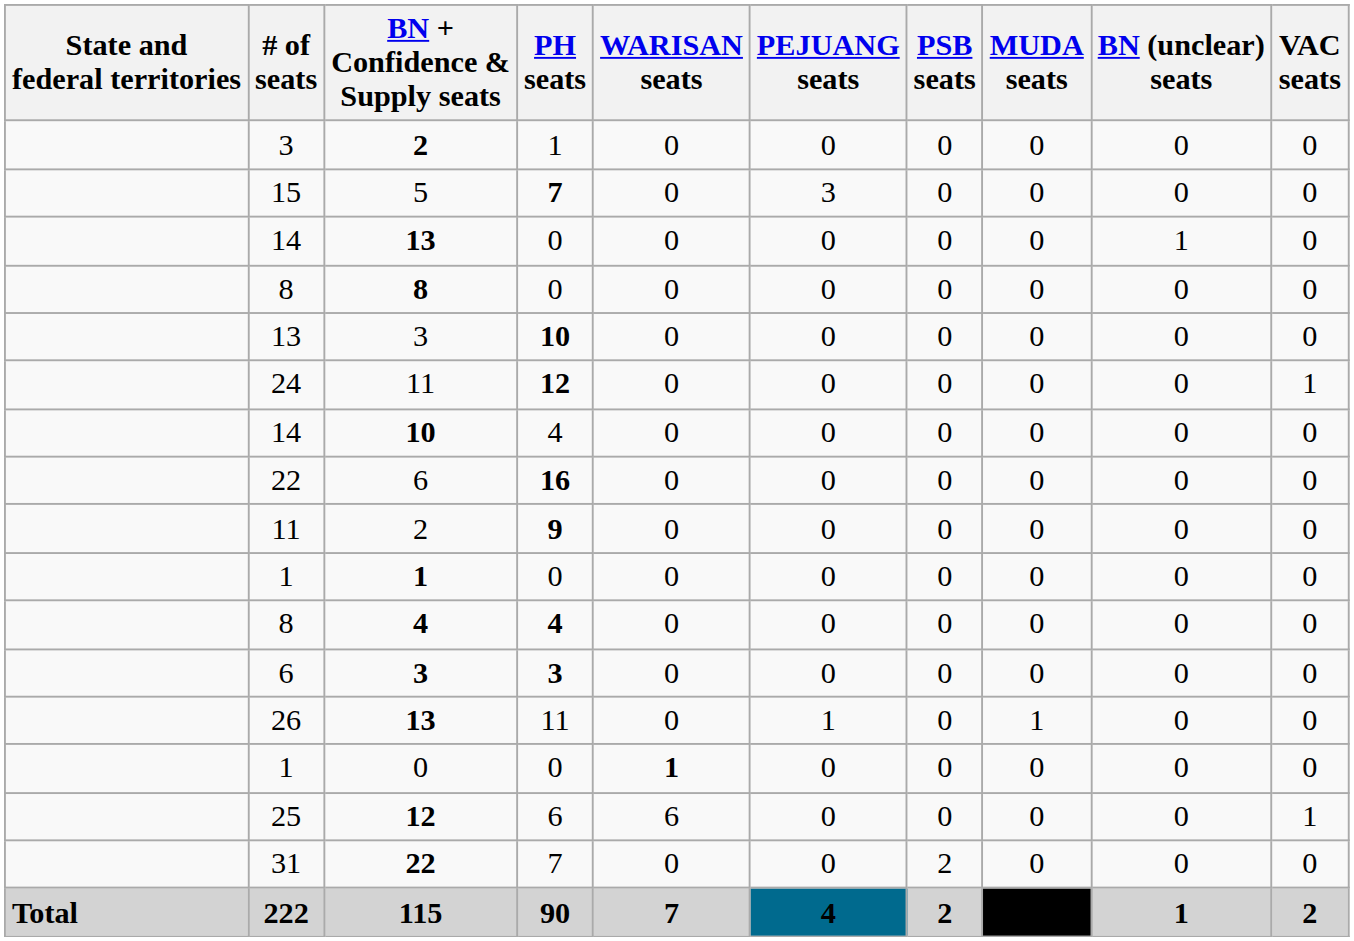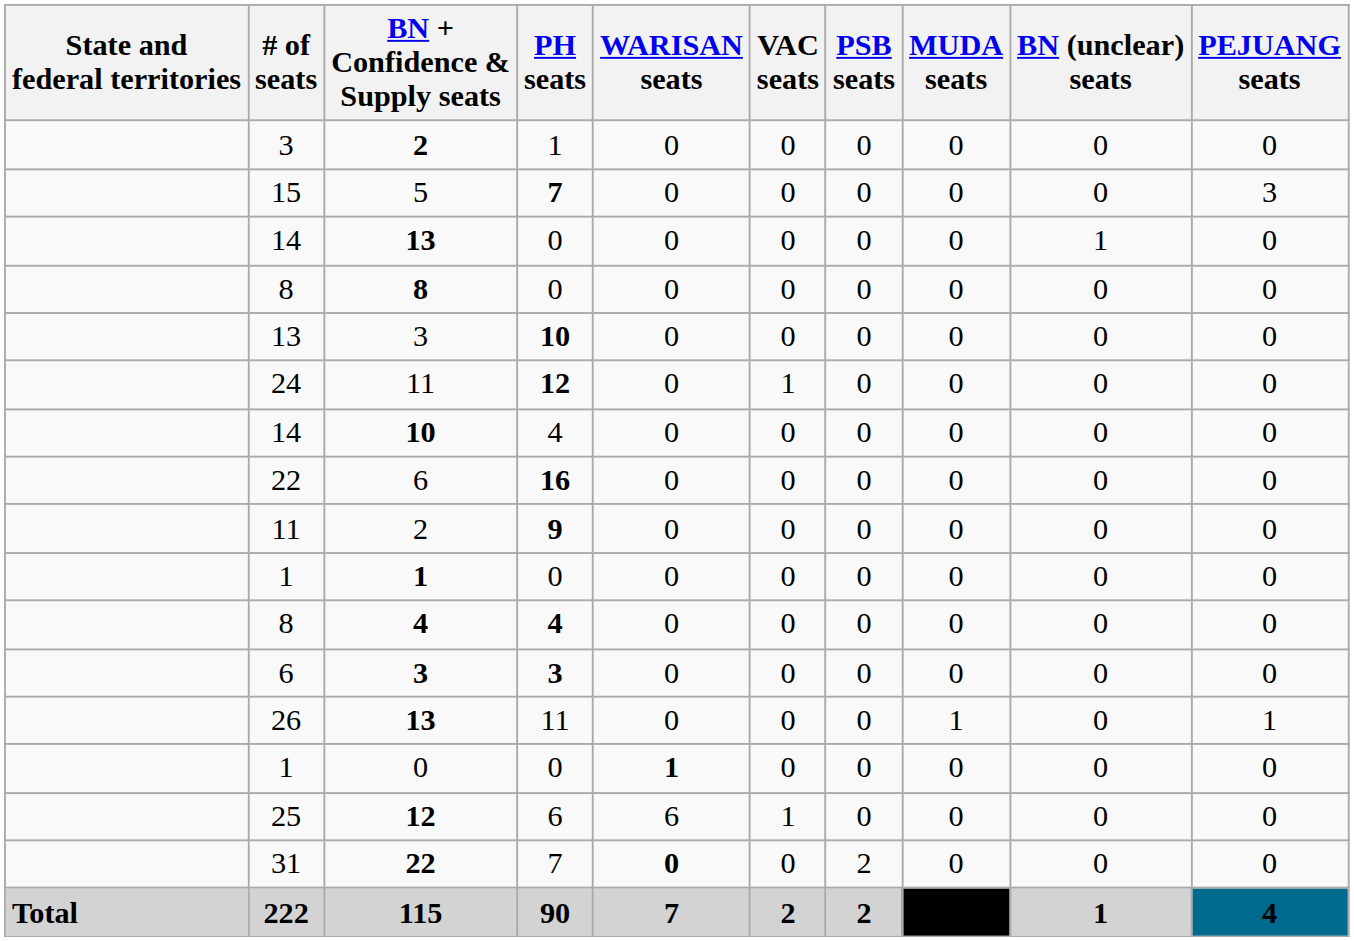 <table class="wikitable sortable" style="text-align:center">
 <tr>
 <th>State and<br>federal territories</th>
 <th># of<br>seats</th>
 <th><a href='#'>BN</a> + <br>Confidence & <br>Supply seats</th>
 <th><a href='#'>PH</a><br>seats</th>
 <th><a href='#'>WARISAN</a><br>seats</th>
-<th><a href='#'>PEJUANG</a><br>seats</th>
+<th>VAC<br>seats</th>
 <th><a href='#'>PSB</a><br>seats</th>
 <th><a href='#'>MUDA</a><br>seats</th>
 <th><a href='#'>BN</a> (unclear)<br>seats</th>
-<th>VAC<br>seats</th>
+<th><a href='#'>PEJUANG</a><br>seats</th>
 </tr>
 <tr>
 <td style="text-align:left"></td>
 <td>3</td>
 <td><strong>2</strong></td>
 <td>1</td>
 <td>0</td>
 <td>0</td>
 <td>0</td>
 <td>0</td>
 <td>0</td>
 <td>0</td>
 </tr>
 <tr>
 <td style="text-align:left"></td>
 <td>15</td>
 <td>5</td>
 <td style="background-color:"><strong>7</strong></td>
 <td>0</td>
-<td>3</td>
 <td>0</td>
 <td>0</td>
 <td>0</td>
 <td>0</td>
+<td>3</td>
 </tr>
 <tr>
 <td style="text-align:left"></td>
 <td>14</td>
 <td><strong>13</strong></td>
 <td>0</td>
 <td>0</td>
 <td>0</td>
 <td>0</td>
 <td>0</td>
 <td>1</td>
 <td>0</td>
 </tr>
 <tr>
 <td style="text-align:left"></td>
 <td>8</td>
 <td><strong>8</strong></td>
 <td>0</td>
 <td>0</td>
 <td>0</td>
 <td>0</td>
 <td>0</td>
 <td>0</td>
 <td>0</td>
 </tr>
 <tr>
 <td style="text-align:left"></td>
 <td>13</td>
 <td>3</td>
 <td style="background-color:"><strong>10</strong></td>
 <td>0</td>
 <td>0</td>
 <td>0</td>
 <td>0</td>
 <td>0</td>
 <td>0</td>
 </tr>
 <tr>
 <td style="text-align:left"></td>
 <td>24</td>
 <td>11</td>
 <td><strong>12</strong></td>
 <td>0</td>
+<td>1</td>
 <td>0</td>
 <td>0</td>
 <td>0</td>
 <td>0</td>
-<td>1</td>
 </tr>
 <tr>
 <td style="text-align:left"></td>
 <td>14</td>
 <td><strong>10</strong></td>
 <td>4</td>
 <td>0</td>
 <td>0</td>
 <td>0</td>
 <td>0</td>
 <td>0</td>
 <td>0</td>
 </tr>
 <tr>
 <td style="text-align:left"></td>
 <td>22</td>
 <td>6</td>
 <td><strong>16</strong></td>
 <td>0</td>
 <td>0</td>
 <td>0</td>
 <td>0</td>
 <td>0</td>
 <td>0</td>
 </tr>
 <tr>
 <td style="text-align:left"></td>
 <td>11</td>
 <td>2</td>
 <td style="background-color:"><strong>9</strong></td>
 <td>0</td>
 <td>0</td>
 <td>0</td>
 <td>0</td>
 <td>0</td>
 <td>0</td>
 </tr>
 <tr>
 <td style="text-align:left"></td>
 <td>1</td>
 <td><strong>1</strong></td>
 <td>0</td>
 <td>0</td>
 <td>0</td>
 <td>0</td>
 <td>0</td>
 <td>0</td>
 <td>0</td>
 </tr>
 <tr>
 <td style="text-align:left"></td>
 <td>8</td>
 <td><strong>4</strong></td>
 <td><strong>4</strong></td>
 <td>0</td>
 <td>0</td>
 <td>0</td>
 <td>0</td>
 <td>0</td>
 <td>0</td>
 </tr>
 <tr>
 <td style="text-align:left"></td>
 <td>6</td>
 <td><strong>3</strong></td>
 <td style="background-color:"><strong>3</strong></td>
 <td>0</td>
 <td>0</td>
 <td>0</td>
 <td>0</td>
 <td>0</td>
 <td>0</td>
 </tr>
 <tr>
 <td style="text-align:left"></td>
 <td>26</td>
 <td><strong>13</strong></td>
 <td>11</td>
 <td>0</td>
+<td>0</td>
+<td>0</td>
 <td>1</td>
 <td>0</td>
 <td>1</td>
-<td>0</td>
-<td>0</td>
 </tr>
 <tr>
 <td style="text-align:left"></td>
 <td>1</td>
 <td>0</td>
 <td>0</td>
 <td style="background-color:"><strong>1</strong></td>
 <td>0</td>
 <td>0</td>
 <td>0</td>
 <td>0</td>
 <td>0</td>
 </tr>
 <tr>
 <td style="text-align:left"></td>
 <td>25</td>
 <td><strong>12</strong></td>
 <td>6</td>
 <td>6</td>
+<td>1</td>
 <td>0</td>
 <td>0</td>
 <td>0</td>
 <td>0</td>
-<td>1</td>
 </tr>
 <tr>
 <td style="text-align:left"></td>
 <td>31</td>
 <td><strong>22</strong></td>
 <td>7</td>
-<td>0</td>
+<td><strong>0</strong></td>
 <td>0</td>
 <td>2</td>
 <td>0</td>
 <td>0</td>
 <td>0</td>
 </tr>
 <tr class="sortbottom" bgcolor="lightgrey">
 <td style="text-align:left"><strong>Total</strong></td>
 <td><strong>222</strong></td>
 <td><span><strong>115</strong></span></td>
 <td style="background-color:"><strong>90</strong></td>
 <td><strong>7</strong></td>
-<td bgcolor="#006A8E"><span><strong>4</strong></span></td>
+<td><strong>2</strong></td>
 <td><span><strong>2</strong></span></td>
 <td bgcolor="#000000"><span><strong>1</strong></span></td>
 <td><span><strong>1</strong></span></td>
-<td><strong>2</strong></td>
+<td bgcolor="#006A8E"><span><strong>4</strong></span></td>
 </tr>
 </table>
